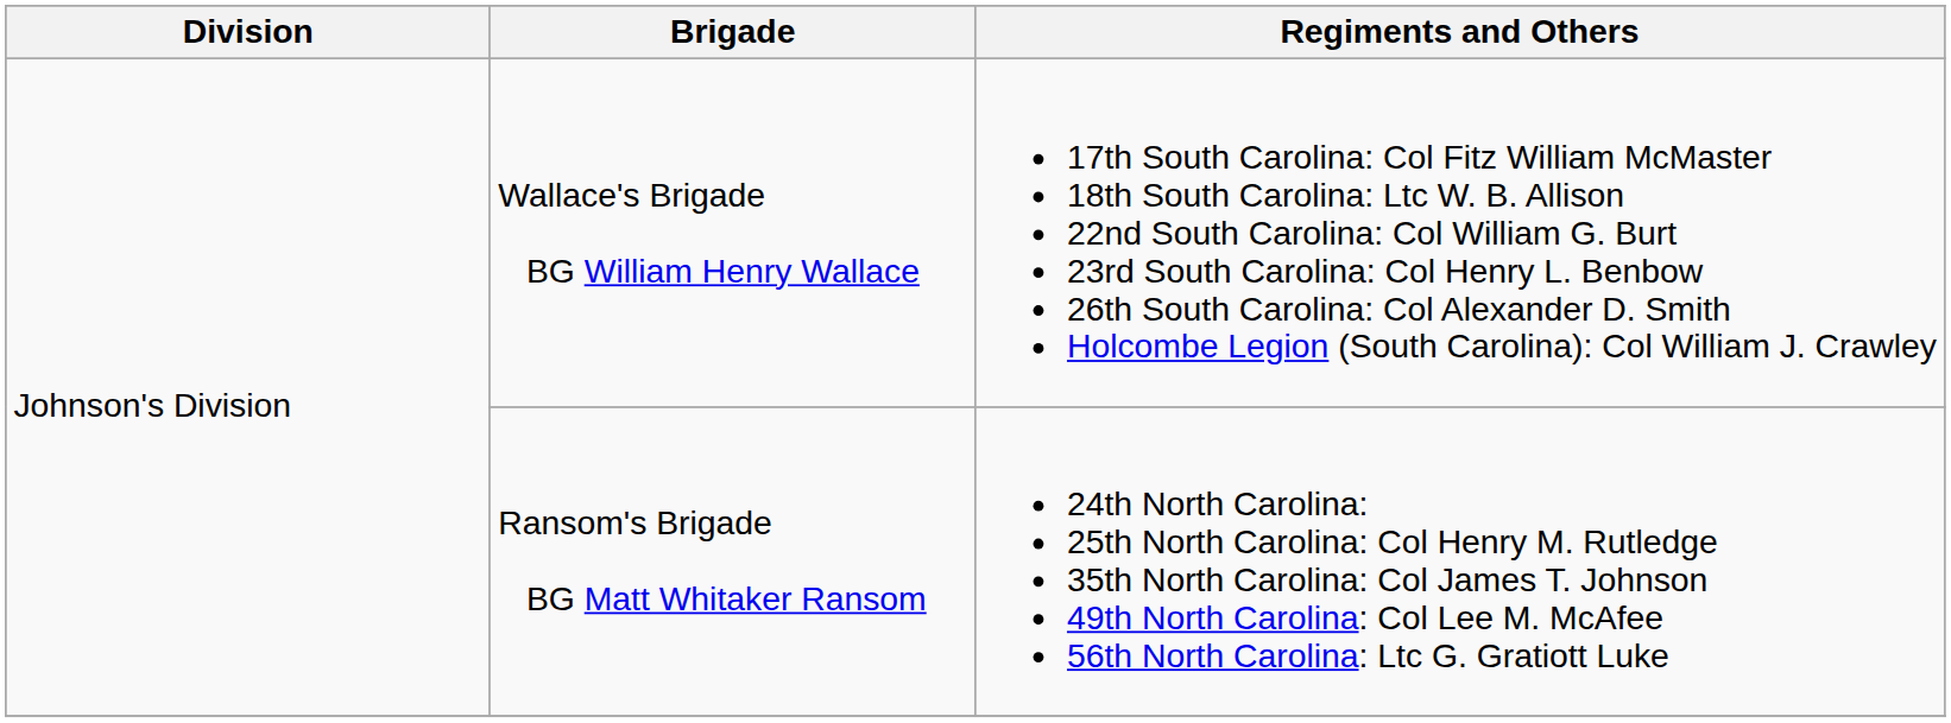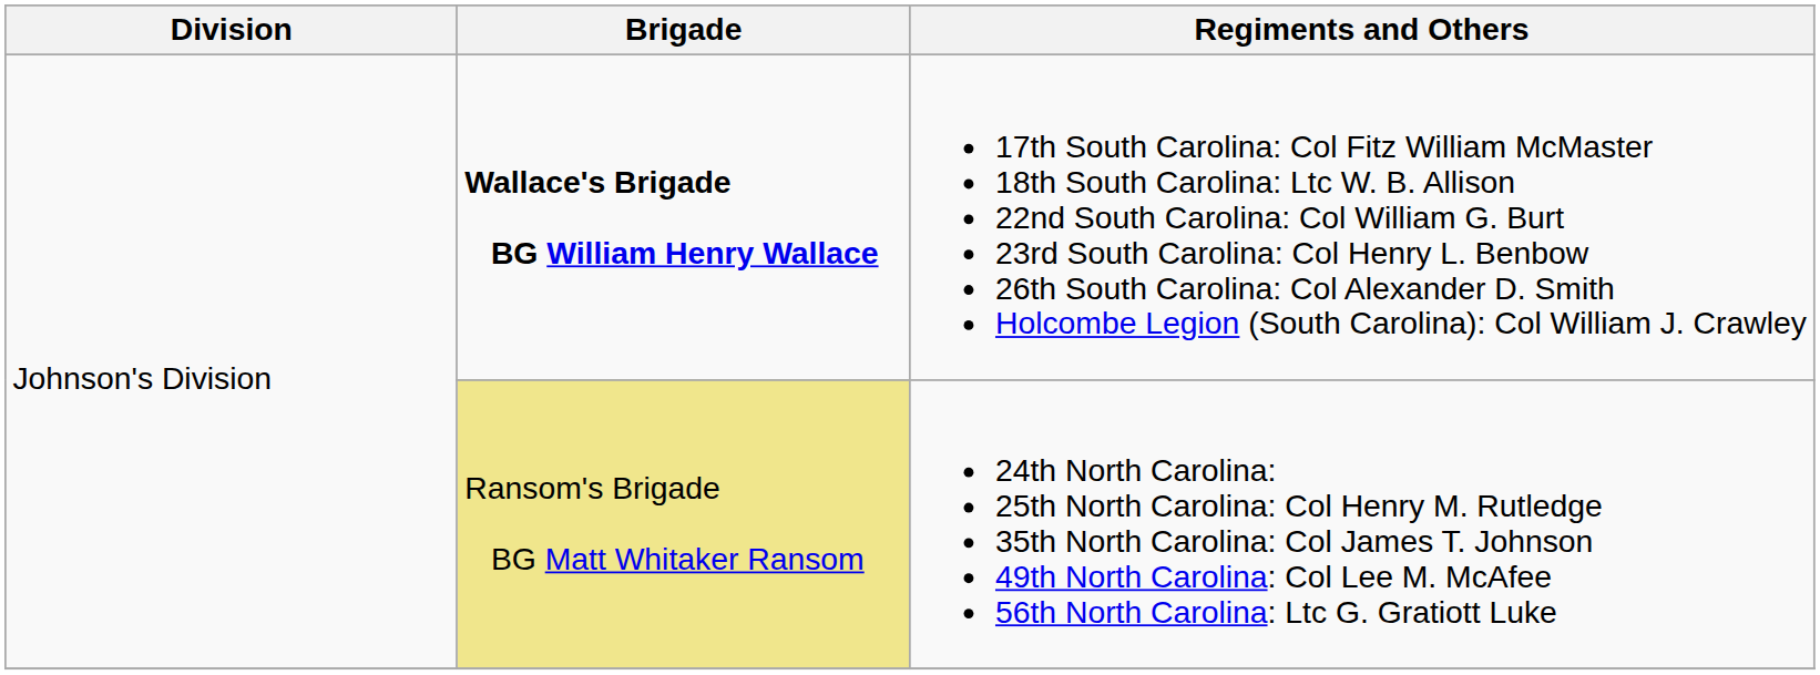 <table class="wikitable">
 <tr>
 <th width=25%>Division</th>
 <th width=25%>Brigade</th>
 <th>Regiments and Others</th>
 </tr>
 <tr>
 <td rowspan=2><br>Johnson's Division</td>
-<td>Wallace's Brigade<br><br>   BG <a href='#'>William Henry Wallace</a></td>
+<td><strong>Wallace's Brigade<br><br>   BG <a href='#'>William Henry Wallace</a></strong></td>
 <td><br><ul><li>17th South Carolina: Col Fitz William McMaster</li><li>18th South Carolina: Ltc W. B. Allison</li><li>22nd South Carolina: Col William G. Burt</li><li>23rd South Carolina: Col Henry L. Benbow</li><li>26th South Carolina: Col Alexander D. Smith</li><li><a href='#'>Holcombe Legion</a> (South Carolina): Col William J. Crawley</li></ul></td>
 </tr>
 <tr>
-<td>Ransom's Brigade<br><br>   BG <a href='#'>Matt Whitaker Ransom</a></td>
+<td style="background: khaki;">Ransom's Brigade<br><br>   BG <a href='#'>Matt Whitaker Ransom</a></td>
 <td><br><ul><li>24th North Carolina:</li><li>25th North Carolina: Col Henry M. Rutledge</li><li>35th North Carolina: Col James T. Johnson</li><li><a href='#'>49th North Carolina</a>: Col Lee M. McAfee</li><li><a href='#'>56th North Carolina</a>: Ltc G. Gratiott Luke</li></ul></td>
 </tr>
 <tr>
 </tr>
 </table>
